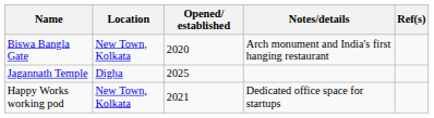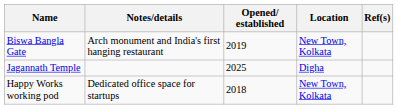 <table class="wikitable">
 <tr>
 <th>Name</th>
+<th>Notes/details</th>
+<th>Opened/ established</th>
 <th>Location</th>
-<th>Opened/ established</th>
-<th>Notes/details</th>
 <th>Ref(s)</th>
 </tr>
 <tr>
 <td><a href='#'>Biswa Bangla Gate</a></td>
+<td>Arch monument and India's first hanging restaurant</td>
+<td>2019</td>
 <td><a href='#'>New Town, Kolkata</a></td>
-<td>2020</td>
-<td>Arch monument and India's first hanging restaurant</td>
 <td></td>
 </tr>
 <tr>
 <td><a href='#'>Jagannath Temple</a></td>
+<td></td>
+<td>2025</td>
 <td><a href='#'>Digha</a></td>
-<td>2025</td>
-<td></td>
 <td></td>
 </tr>
 <tr>
 <td>Happy Works working pod</td>
+<td>Dedicated office space for startups</td>
+<td>2018</td>
 <td><a href='#'>New Town, Kolkata</a></td>
-<td>2021</td>
-<td>Dedicated office space for startups</td>
 <td></td>
 </tr>
 </table>
